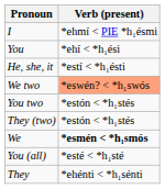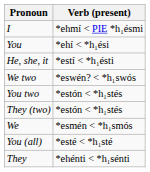 <table class="wikitable sortable">
 <tr>
 <th>Pronoun</th>
 <th>Verb (present)</th>
 </tr>
 <tr>
 <td><em>I</em></td>
 <td>*ehmí < <a href='#'>PIE</a> *h₁ésmi</td>
 </tr>
 <tr>
 <td><em>You</em></td>
 <td>*ehí < *h₁ési</td>
 </tr>
 <tr>
 <td><em>He, she, it</em></td>
 <td>*estí < *h₁ésti</td>
 </tr>
 <tr>
 <td><em>We two</em></td>
-<td style="background: lightsalmon;">*eswén? < *h₁swós</td>
+<td>*eswén? < *h₁swós</td>
 </tr>
 <tr>
 <td><em>You two</em></td>
 <td>*estón < *h₁stés</td>
 </tr>
 <tr>
 <td><em>They (two)</em></td>
 <td>*estón < *h₁stés</td>
 </tr>
 <tr>
 <td><em>We</em></td>
-<td><strong>*esmén < *h₁smós</strong></td>
+<td>*esmén < *h₁smós</td>
 </tr>
 <tr>
 <td><em>You (all)</em></td>
 <td>*esté < *h₁sté</td>
 </tr>
 <tr>
 <td><em>They</em></td>
 <td>*ehénti < *h₁sénti</td>
 </tr>
 </table>
